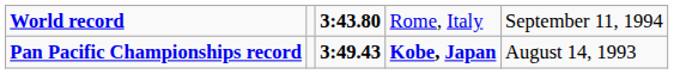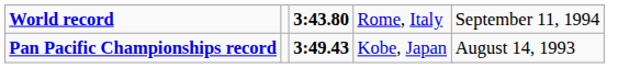 <table class="wikitable">
 <tr>
 <td><strong><a href='#'>World record</a></strong></td>
 <td></td>
 <td><strong>3:43.80</strong></td>
 <td><a href='#'>Rome</a>, <a href='#'>Italy</a></td>
 <td>September 11, 1994</td>
 </tr>
 <tr>
 <td><strong><a href='#'>Pan Pacific Championships record</a></strong></td>
 <td></td>
 <td><strong>3:49.43</strong></td>
-<td><strong><a href='#'>Kobe</a>, <a href='#'>Japan</a></strong></td>
+<td><a href='#'>Kobe</a>, <a href='#'>Japan</a></td>
 <td>August 14, 1993</td>
 </tr>
 </table>
